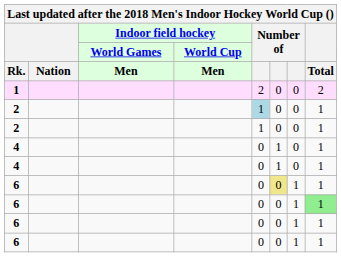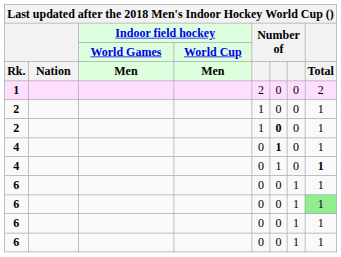 <table class="wikitable" style="margin-top: 0em; text-align: center; font-size: 100%;">
 <tr>
 <th colspan="8">Last updated after the 2018 Men's Indoor Hockey World Cup ()</th>
 </tr>
 <tr>
 <th rowspan="2" colspan="2"></th>
 <th colspan="2" style="background: #dfd;"><a href='#'>Indoor field hockey</a></th>
 <th rowspan="2" colspan="3">Number of</th>
 <th rowspan="2"></th>
 </tr>
 <tr>
 <th style="background: #dfd;"><a href='#'>World Games</a></th>
 <th style="background: #dfd;"><a href='#'>World Cup</a></th>
 </tr>
 <tr>
 <th style="width: 1em;">Rk.</th>
 <th>Nation</th>
 <th style="background: #dfd;">Men</th>
 <th style="background: #dfd;">Men</th>
 <th style="width: 1em;"></th>
 <th style="width: 1em;"></th>
 <th style="width: 1em;"></th>
 <th style="width: 1em;">Total</th>
 </tr>
 <tr style="background: #fdf;">
 <td><strong>1</strong></td>
 <td style="text-align: left;"></td>
 <td></td>
 <td></td>
 <td>2</td>
 <td>0</td>
 <td>0</td>
 <td>2</td>
 </tr>
 <tr>
 <td><strong>2</strong></td>
 <td style="text-align: left;"></td>
 <td></td>
 <td></td>
-<td style="background: lightblue;">1</td>
+<td>1</td>
 <td>0</td>
 <td>0</td>
 <td>1</td>
 </tr>
 <tr>
 <td><strong>2</strong></td>
 <td style="text-align: left;"></td>
 <td></td>
 <td></td>
 <td>1</td>
+<td><strong>0</strong></td>
 <td>0</td>
+<td>1</td>
+</tr>
+<tr>
+<td><strong>4</strong></td>
+<td style="text-align: left;"></td>
+<td></td>
+<td></td>
+<td>0</td>
+<td><strong>1</strong></td>
 <td>0</td>
 <td>1</td>
 </tr>
 <tr>
 <td><strong>4</strong></td>
 <td style="text-align: left;"></td>
 <td></td>
 <td></td>
 <td>0</td>
 <td>1</td>
 <td>0</td>
-<td>1</td>
-</tr>
-<tr>
-<td><strong>4</strong></td>
-<td style="text-align: left;"></td>
-<td></td>
-<td></td>
-<td>0</td>
-<td>1</td>
-<td>0</td>
-<td>1</td>
+<td><strong>1</strong></td>
 </tr>
 <tr>
 <td><strong>6</strong></td>
 <td style="text-align: left;"></td>
 <td></td>
 <td></td>
 <td>0</td>
-<td style="background: khaki;">0</td>
+<td>0</td>
 <td>1</td>
 <td>1</td>
 </tr>
 <tr>
 <td><strong>6</strong></td>
 <td style="text-align: left;"></td>
 <td></td>
 <td></td>
 <td>0</td>
 <td>0</td>
 <td>1</td>
 <td style="background: lightgreen;">1</td>
 </tr>
 <tr>
 <td><strong>6</strong></td>
 <td style="text-align: left;"></td>
 <td></td>
 <td></td>
 <td>0</td>
 <td>0</td>
 <td>1</td>
 <td>1</td>
 </tr>
 <tr>
 <td><strong>6</strong></td>
 <td style="text-align: left;"></td>
 <td></td>
 <td></td>
 <td>0</td>
 <td>0</td>
 <td>1</td>
 <td>1</td>
 </tr>
 </table>
